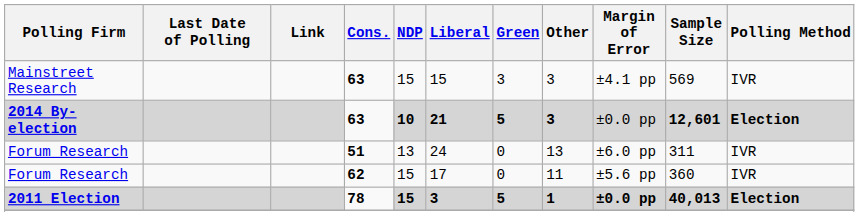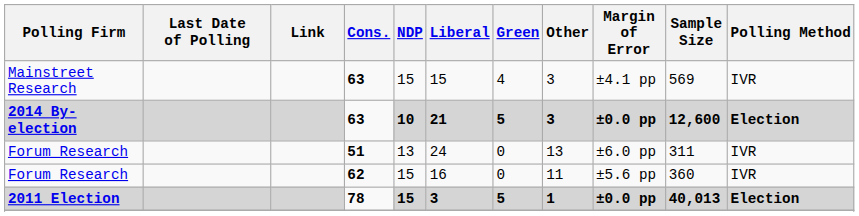 <table class="wikitable sortable">
 <tr style="background:#e9e9e9;">
 <th style="width:120px">Polling Firm</th>
 <th style="width:110px">Last Date<br>of Polling</th>
 <th style="width:60px" class="unsortable">Link</th>
 <th style="background-color:"><strong><a href='#'>Cons.</a></strong></th>
 <th style="background-color:"><strong><a href='#'>NDP</a></strong></th>
 <th style="background-color:"><strong><a href='#'>Liberal</a></strong></th>
 <th style="background-color:"><strong><a href='#'>Green</a></strong></th>
 <th style="background-color:"><strong>Other</strong></th>
 <th style="width:60px;" class=unsortable>Margin<br>of Error</th>
 <th style="width:50px;" class=unsortable>Sample<br>Size</th>
 <th class=unsortable>Polling Method</th>
 </tr>
 <tr>
 <td><a href='#'>Mainstreet Research</a></td>
 <td></td>
 <td></td>
 <td><strong>63</strong></td>
 <td>15</td>
 <td>15</td>
-<td>3</td>
+<td>4</td>
 <td>3</td>
 <td>±4.1 pp</td>
 <td>569</td>
 <td>IVR</td>
 </tr>
 <tr>
 <td style="background:#D5D5D5"><strong><a href='#'>2014 By-election</a></strong></td>
 <td style="background:#D5D5D5"><strong></strong></td>
 <td style="background:#D5D5D5"></td>
 <td><strong>63</strong></td>
 <td style="background:#D5D5D5"><strong>10</strong></td>
 <td style="background:#D5D5D5"><strong>21</strong></td>
 <td style="background:#D5D5D5"><strong>5</strong></td>
 <td style="background:#D5D5D5"><strong>3</strong></td>
-<td style="background:#D5D5D5">±0.0 pp</td>
-<td style="background:#D5D5D5"><strong>12,601</strong></td>
+<td style="background:#D5D5D5"><strong>±0.0 pp</strong></td>
+<td style="background:#D5D5D5"><strong>12,600</strong></td>
 <td style="background:#D5D5D5"><strong>Election</strong></td>
 </tr>
 <tr>
 <td><a href='#'>Forum Research</a></td>
 <td></td>
 <td></td>
 <td><strong>51</strong></td>
 <td>13</td>
 <td>24</td>
 <td>0</td>
 <td>13</td>
 <td>±6.0 pp</td>
 <td>311</td>
 <td>IVR</td>
 </tr>
 <tr>
 <td><a href='#'>Forum Research</a></td>
 <td></td>
 <td></td>
 <td><strong>62</strong></td>
 <td>15</td>
-<td>17</td>
+<td>16</td>
 <td>0</td>
 <td>11</td>
 <td>±5.6 pp</td>
 <td>360</td>
 <td>IVR</td>
 </tr>
 <tr>
 <td style="background:#D5D5D5"><strong><a href='#'>2011 Election</a></strong></td>
 <td style="background:#D5D5D5"><strong></strong></td>
 <td style="background:#D5D5D5"></td>
 <td><strong>78</strong></td>
 <td style="background:#D5D5D5"><strong>15</strong></td>
 <td style="background:#D5D5D5"><strong>3</strong></td>
 <td style="background:#D5D5D5"><strong>5</strong></td>
 <td style="background:#D5D5D5"><strong>1</strong></td>
 <td style="background:#D5D5D5"><strong>±0.0 pp</strong></td>
 <td style="background:#D5D5D5"><strong>40,013</strong></td>
 <td style="background:#D5D5D5"><strong>Election</strong></td>
 </tr>
 <tr>
 </tr>
 <tr>
 </tr>
 </table>
